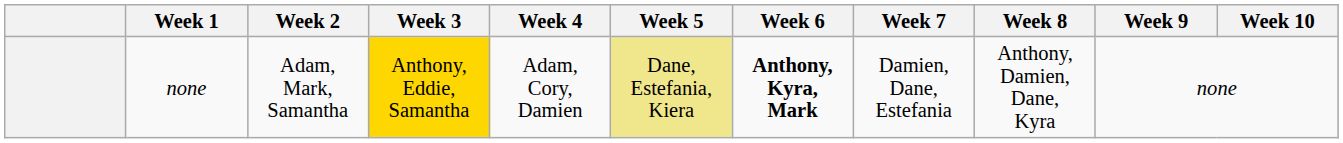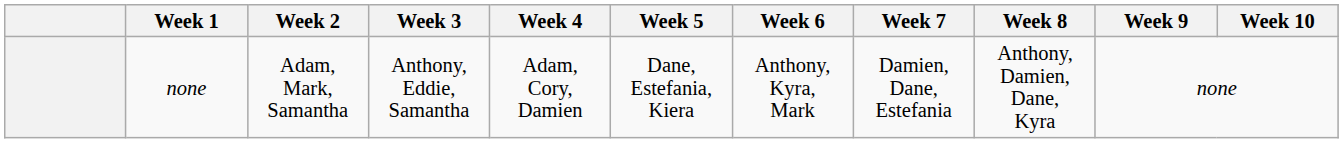 <table class="wikitable" style="text-align:center; font-size:85%; width:100%; line-height:15px;">
 <tr>
 <th style="width:7%"></th>
 <th style="width:7%">Week 1</th>
 <th style="width:7%">Week 2</th>
 <th style="width:7%">Week 3</th>
 <th style="width:7%">Week 4</th>
 <th style="width:7%">Week 5</th>
 <th style="width:7%">Week 6</th>
 <th style="width:7%">Week 7</th>
 <th style="width:7%">Week 8</th>
 <th style="width:7%">Week 9</th>
 <th style="width:7%">Week 10</th>
 </tr>
 <tr>
 <th></th>
 <td><em>none</em></td>
 <td>Adam,<br>Mark,<br>Samantha</td>
-<td style="background: gold;">Anthony,<br>Eddie,<br>Samantha</td>
+<td>Anthony,<br>Eddie,<br>Samantha</td>
 <td>Adam,<br>Cory,<br>Damien</td>
-<td style="background: khaki;">Dane,<br>Estefania,<br>Kiera</td>
-<td><strong>Anthony,<br>Kyra,<br>Mark</strong></td>
+<td>Dane,<br>Estefania,<br>Kiera</td>
+<td>Anthony,<br>Kyra,<br>Mark</td>
 <td>Damien,<br>Dane,<br>Estefania</td>
 <td>Anthony,<br>Damien,<br>Dane,<br>Kyra</td>
 <td colspan="2"><em>none</em></td>
 </tr>
 </table>
